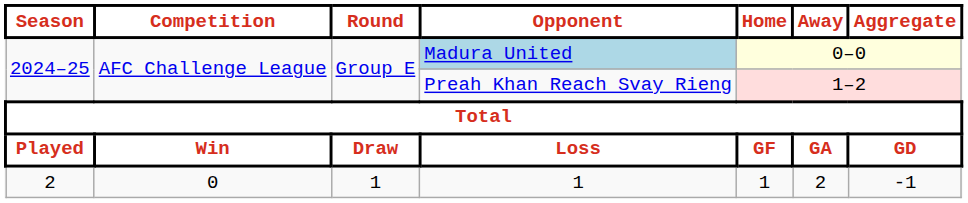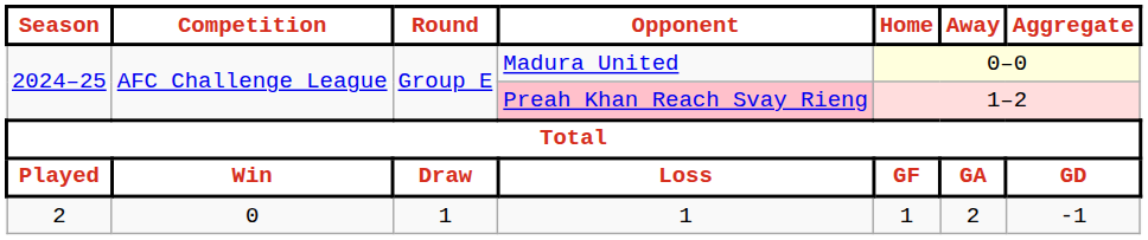 <table class="wikitable">
 <tr>
 <th style="background:#FFFFFF; color:#D62E1D; border:2px solid #000000">Season</th>
 <th style="background:#FFFFFF; color:#D62E1D; border:2px solid #000000">Competition</th>
 <th style="background:#FFFFFF; color:#D62E1D; border:2px solid #000000">Round</th>
 <th style="background:#FFFFFF; color:#D62E1D; border:2px solid #000000">Opponent</th>
 <th style="background:#FFFFFF; color:#D62E1D; border:2px solid #000000">Home</th>
 <th style="background:#FFFFFF; color:#D62E1D; border:2px solid #000000">Away</th>
 <th style="background:#FFFFFF; color:#D62E1D; border:2px solid #000000">Aggregate</th>
 </tr>
 <tr>
 <td rowspan=2><a href='#'>2024–25</a></td>
 <td rowspan=2><a href='#'>AFC Challenge League</a></td>
 <td rowspan=2><a href='#'>Group E</a></td>
-<td style="background: lightblue;"> <a href='#'>Madura United</a></td>
+<td> <a href='#'>Madura United</a></td>
 <td colspan=3; align=center style="background:#ffffdd;">0–0</td>
 </tr>
 <tr>
-<td> <a href='#'>Preah Khan Reach Svay Rieng</a></td>
+<td style="background: pink;"> <a href='#'>Preah Khan Reach Svay Rieng</a></td>
 <td colspan=3; align=center style="background:#fdd;">1–2</td>
 </tr>
 <tr>
 <th colspan=7; style="background:#FFFFFF; color:#D62E1D; border:2px solid #000000">Total</th>
 </tr>
 <tr>
 <th style="background:#FFFFFF; color:#D62E1D; border:2px solid #000000">Played</th>
 <th style="background:#FFFFFF; color:#D62E1D; border:2px solid #000000">Win</th>
 <th style="background:#FFFFFF; color:#D62E1D; border:2px solid #000000">Draw</th>
 <th style="background:#FFFFFF; color:#D62E1D; border:2px solid #000000">Loss</th>
 <th style="background:#FFFFFF; color:#D62E1D; border:2px solid #000000">GF</th>
 <th style="background:#FFFFFF; color:#D62E1D; border:2px solid #000000">GA</th>
 <th style="background:#FFFFFF; color:#D62E1D; border:2px solid #000000">GD</th>
 </tr>
 <tr>
 <td align=center>2</td>
 <td align=center>0</td>
 <td align=center>1</td>
 <td align=center>1</td>
 <td align=center>1</td>
 <td align=center>2</td>
 <td align=center>-1</td>
 </tr>
 </table>
